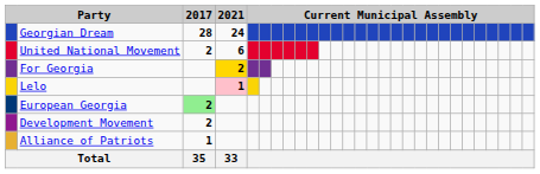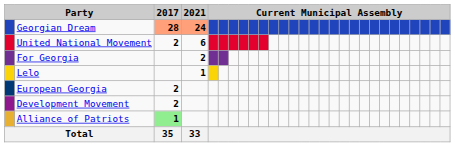 <table class="wikitable">
 <tr>
 <th colspan="2" style="background:#ccc">Party</th>
 <th style="background:#ccc">2017</th>
 <th style="background:#ccc">2021</th>
 <th colspan="30" style="background:#ccc">Current Municipal Assembly</th>
 </tr>
 <tr>
 <td style="background-color: #2044bc  "> </td>
 <td><a href='#'>Georgian Dream</a></td>
-<td style="text-align: right"><strong>28</strong></td>
-<td style="text-align: right"><strong>24</strong></td>
+<td style="background: lightsalmon; text-align: right"><strong>28</strong></td>
+<td style="background: lightsalmon; text-align: right"><strong>24</strong></td>
 <td style="background-color: #2044bc "></td>
 <td style="background-color: #2044bc "> </td>
 <td style="background-color: #2044bc "> </td>
 <td style="background-color: #2044bc "> </td>
 <td style="background-color: #2044bc "> </td>
 <td style="background-color: #2044bc "> </td>
 <td style="background-color: #2044bc "> </td>
 <td style="background-color: #2044bc "> </td>
 <td style="background-color: #2044bc "> </td>
 <td style="background-color: #2044bc "> </td>
 <td style="background-color: #2044bc "> </td>
 <td style="background-color: #2044bc "> </td>
 <td style="background-color: #2044bc "> </td>
 <td style="background-color: #2044bc "> </td>
 <td style="background-color: #2044bc "> </td>
 <td style="background-color: #2044bc "> </td>
 <td style="background-color: #2044bc "> </td>
 <td style="background-color: #2044bc "> </td>
 <td style="background-color: #2044bc "> </td>
 <td style="background-color: #2044bc "> </td>
 <td style="background-color: #2044bc "> </td>
 <td style="background-color: #2044bc "> </td>
 <td style="background-color: #2044bc "> </td>
 <td style="background-color: #2044bc "> </td>
 </tr>
 <tr>
 <td style="background-color: #e4012e  "> </td>
 <td><a href='#'>United National Movement</a></td>
 <td style="text-align: right"><strong>2</strong></td>
 <td style="text-align: right"><strong>6</strong></td>
 <td style="background-color: #e4012e "> </td>
 <td style="background-color: #e4012e "> </td>
 <td style="background-color: #e4012e "> </td>
 <td style="background-color: #e4012e "> </td>
 <td style="background-color: #e4012e "> </td>
 <td style="background-color: #e4012e "> </td>
 <td></td>
 <td></td>
 <td></td>
 <td></td>
 <td></td>
 <td></td>
 <td></td>
 <td></td>
 <td></td>
 <td></td>
 <td></td>
 <td></td>
 <td></td>
 <td></td>
 <td></td>
 <td></td>
 <td></td>
 <td></td>
 </tr>
 <tr>
 <td style="background-color: #702F92  "> </td>
 <td><a href='#'>For Georgia</a></td>
 <td></td>
-<td style="background: gold; text-align: right"><strong>2</strong></td>
+<td style="text-align: right"><strong>2</strong></td>
 <td style="background-color: #702f92 "> </td>
 <td style="background-color: #702f92 "> </td>
 <td></td>
 <td></td>
 <td></td>
 <td></td>
 <td></td>
 <td></td>
 <td></td>
 <td></td>
 <td></td>
 <td></td>
 <td></td>
 <td></td>
 <td></td>
 <td></td>
 <td></td>
 <td></td>
 <td></td>
 <td></td>
 <td></td>
 <td></td>
 <td></td>
 <td></td>
 </tr>
 <tr>
 <td style="background-color: #fad406 "> </td>
 <td><a href='#'>Lelo</a></td>
 <td></td>
-<td style="background: pink; text-align: right"><strong>1</strong></td>
+<td style="text-align: right"><strong>1</strong></td>
 <td style="background-color: #fad406 "> </td>
 <td></td>
 <td></td>
 <td></td>
 <td></td>
 <td></td>
 <td></td>
 <td></td>
 <td></td>
 <td></td>
 <td></td>
 <td></td>
 <td></td>
 <td></td>
 <td></td>
 <td></td>
 <td></td>
 <td></td>
 <td></td>
 <td></td>
 <td></td>
 <td></td>
 <td></td>
 <td></td>
 </tr>
 <tr>
 <td style="background-color: #003876  "> </td>
 <td><a href='#'>European Georgia</a></td>
-<td style="background: lightgreen; text-align: right"><strong>2</strong></td>
+<td style="text-align: right"><strong>2</strong></td>
 <td></td>
 <td></td>
 <td></td>
 <td></td>
 <td></td>
 <td></td>
 <td></td>
 <td></td>
 <td></td>
 <td></td>
 <td></td>
 <td></td>
 <td></td>
 <td></td>
 <td></td>
 <td></td>
 <td></td>
 <td></td>
 <td></td>
 <td></td>
 <td></td>
 <td></td>
 <td></td>
 <td></td>
 <td></td>
 </tr>
 <tr>
 <td style="background-color: #8f188f"> </td>
 <td><a href='#'>Development Movement</a></td>
 <td style="text-align: right"><strong>2</strong></td>
 <td></td>
 <td></td>
 <td></td>
 <td></td>
 <td></td>
 <td></td>
 <td></td>
 <td></td>
 <td></td>
 <td></td>
 <td></td>
 <td></td>
 <td></td>
 <td></td>
 <td></td>
 <td></td>
 <td></td>
 <td></td>
 <td></td>
 <td></td>
 <td></td>
 <td></td>
 <td></td>
 <td></td>
 <td></td>
 </tr>
 <tr>
 <td style="background-color: #e7b031 "> </td>
 <td><a href='#'>Alliance of Patriots</a></td>
-<td style="text-align: right"><strong>1</strong></td>
+<td style="background: lightgreen; text-align: right"><strong>1</strong></td>
 <td></td>
 <td></td>
 <td></td>
 <td></td>
 <td></td>
 <td></td>
 <td></td>
 <td></td>
 <td></td>
 <td></td>
 <td></td>
 <td></td>
 <td></td>
 <td></td>
 <td></td>
 <td></td>
 <td></td>
 <td></td>
 <td></td>
 <td></td>
 <td></td>
 <td></td>
 <td></td>
 <td></td>
 <td></td>
 </tr>
 <tr>
 <th colspan="2">Total</th>
 <th align="right">35</th>
 <th align="right">33</th>
 <th colspan="35"> </th>
 </tr>
 </table>
